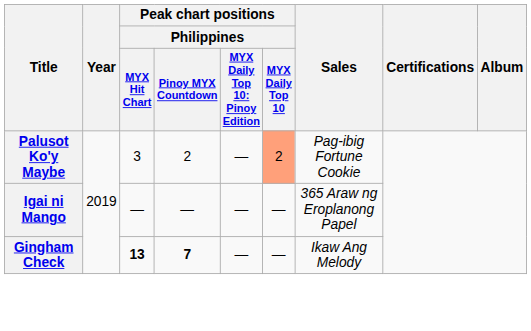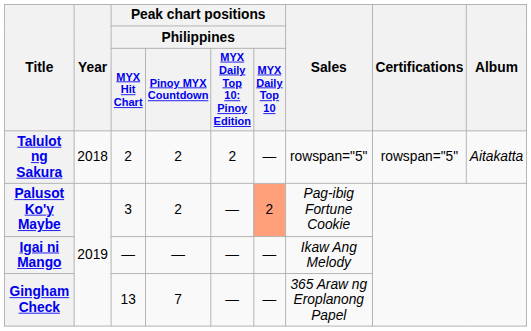 <table class="wikitable plainrowheaders" style="text-align:center;">
 <tr>
 <th scope="col" rowspan="3" style="width:13em;">Title</th>
 <th scope="col" rowspan="3">Year</th>
 <th scope="col" colspan="4">Peak chart positions</th>
 <th scope="col" rowspan="3" style="width:13em;">Sales</th>
 <th scope="col" rowspan="3">Certifications</th>
 <th rowspan="3">Album</th>
 </tr>
 <tr>
 <th colspan="4" scope="col">Philippines</th>
 </tr>
 <tr>
 <th scope="col" style="width:3em;font-size:80%;"><a href='#'>MYX Hit Chart</a><br></th>
 <th scope="col" style="width:3em;font-size:80%;"><a href='#'>Pinoy MYX Countdown</a><br></th>
 <th scope="col" style="width:3em;font-size:80%;"><a href='#'>MYX Daily Top 10: Pinoy Edition</a><br></th>
 <th scope="col" style="width:3em;font-size:80%;"><a href='#'>MYX Daily Top 10</a><br></th>
 </tr>
 <tr>
+<th scope="row"><a href='#'>Talulot ng Sakura</a></th>
+<td>2018</td>
+<td>2</td>
+<td>2</td>
+<td>2</td>
+<td>—</td>
+<td>rowspan="5" </td>
+<td>rowspan="5" </td>
+<td><em>Aitakatta</em></td>
+</tr>
+<tr>
 <th scope="row"><a href='#'>Palusot Ko'y Maybe</a></th>
 <td rowspan="3">2019</td>
 <td>3</td>
 <td>2</td>
 <td>—</td>
 <td style="background: lightsalmon;">2</td>
 <td><em>Pag-ibig Fortune Cookie</em></td>
 </tr>
 <tr>
 <th scope="row"><a href='#'>Igai ni Mango</a></th>
 <td>—</td>
 <td>—</td>
 <td>—</td>
 <td>—</td>
-<td><em>365 Araw ng Eroplanong Papel</em></td>
+<td><em>Ikaw Ang Melody</em></td>
 </tr>
 <tr>
 <th scope="row"><a href='#'>Gingham Check</a></th>
-<td><strong>13</strong></td>
-<td><strong>7</strong></td>
+<td>13</td>
+<td>7</td>
 <td>—</td>
 <td>—</td>
-<td><em>Ikaw Ang Melody</em></td>
+<td><em>365 Araw ng Eroplanong Papel</em></td>
 </tr>
 </table>
